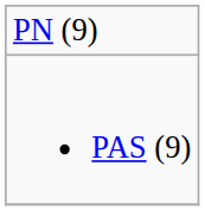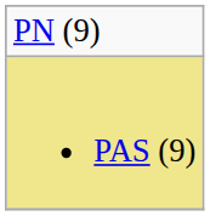 <table class="wikitable">
 <tr>
 <td> <a href='#'>PN</a> (9)</td>
 </tr>
 <tr>
-<td><br><ul><li> <a href='#'>PAS</a> (9)</li></ul></td>
+<td style="background: khaki;"><br><ul><li> <a href='#'>PAS</a> (9)</li></ul></td>
 </tr>
 <tr>
 </tr>
 </table>
